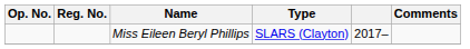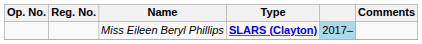 <table class="wikitable">
 <tr>
 <th>Op. No.</th>
 <th>Reg. No.</th>
 <th>Name</th>
 <th>Type</th>
 <th></th>
 <th>Comments</th>
 </tr>
 <tr>
 <td></td>
 <td></td>
 <td><em>Miss Eileen Beryl Phillips</em></td>
-<td><a href='#'>SLARS (Clayton)</a></td>
-<td>2017–</td>
+<td><strong><a href='#'>SLARS (Clayton)</a></strong></td>
+<td style="background: lightblue;">2017–</td>
 <td></td>
 </tr>
 <tr>
 </tr>
 </table>
